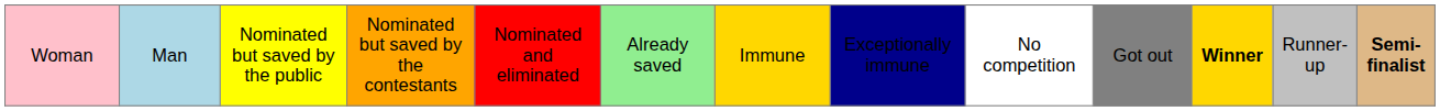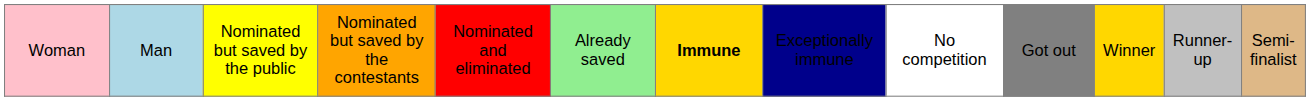 <table border="2" cellpadding="8" style="background:silver; border:1px solid gray; border-collapse:collapse; margin:1em auto; text-align:center; ">
 <tr>
 </tr>
 <tr>
 <td style = "background:pink;" width="10%">Woman</td>
 <td style = "background:lightblue;" width="10%">Man</td>
 <td style = "background:yellow;" width="10%">Nominated but saved by the public</td>
 <td style = "background:orange;" width="10%">Nominated but saved by the contestants</td>
 <td style = "background:red;" width="10%"><span>Nominated and eliminated</span></td>
 <td style = "background:lightgreen;" width="10%">Already saved</td>
-<td style = "background:gold;" width="10%">Immune</td>
+<td style = "background:gold;" width="10%"><strong>Immune</strong></td>
 <td style = "background:darkblue;" width="10%"><span>Exceptionally immune</span></td>
 <td style = "background:white;" width="10%">No competition</td>
 <td style = "background:grey;" width="10%"><span>Got out</span></td>
-<td style = "background:gold;" width="10%"><strong>Winner</strong></td>
+<td style = "background:gold;" width="10%">Winner</td>
 <td style = "background:silver;" width="10%">Runner-up</td>
-<td style = "background:BurlyWood;" width="10%"><strong>Semi-finalist</strong></td>
+<td style = "background:BurlyWood;" width="10%">Semi-finalist</td>
 </tr>
 </table>
